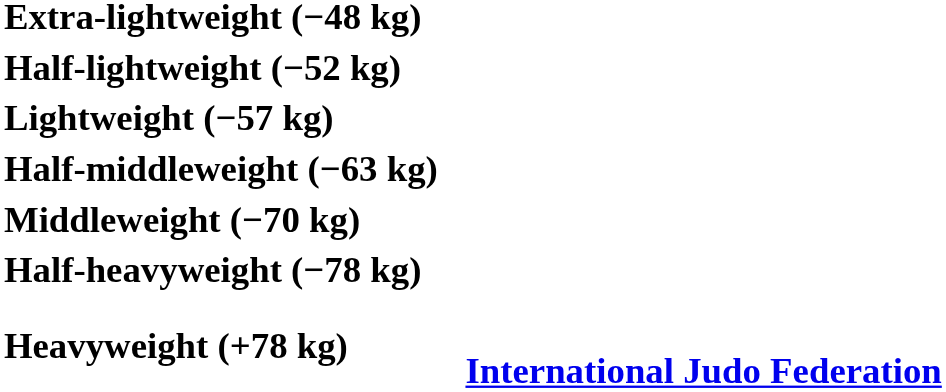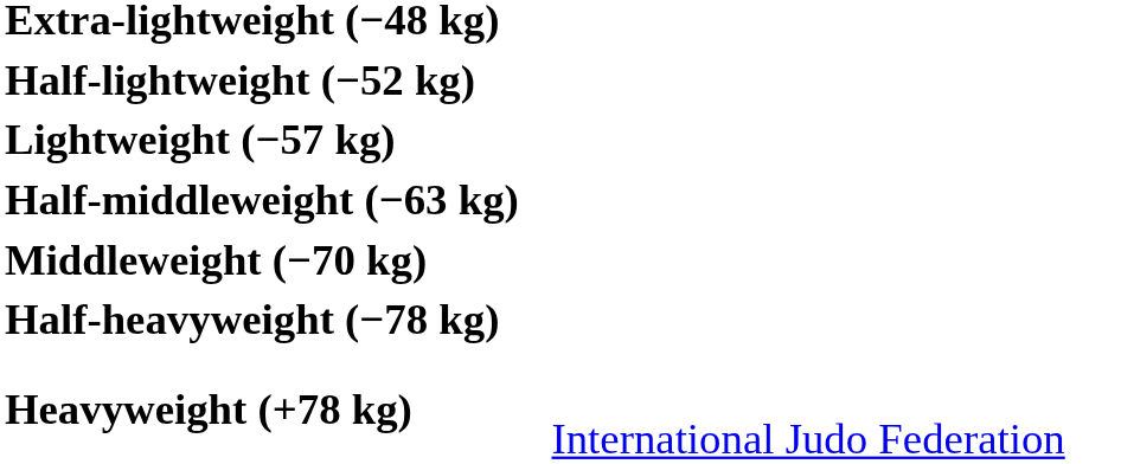 <table>
 <tr>
 <th rowspan=2 style="text-align:left;">Extra-lightweight (−48 kg)<br></th>
 <td rowspan=2></td>
 <td rowspan=2></td>
 <td></td>
 </tr>
 <tr>
 <td></td>
 </tr>
 <tr>
 <th rowspan=2 style="text-align:left;">Half-lightweight (−52 kg)<br></th>
 <td rowspan=2></td>
 <td rowspan=2></td>
 <td></td>
 </tr>
 <tr>
 <td></td>
 </tr>
 <tr>
 <th rowspan=2 style="text-align:left;">Lightweight (−57 kg)<br></th>
 <td rowspan=2></td>
 <td rowspan=2></td>
 <td></td>
 </tr>
 <tr>
 <td></td>
 </tr>
 <tr>
 <th rowspan=2 style="text-align:left;">Half-middleweight (−63 kg)<br></th>
 <td rowspan=2></td>
 <td rowspan=2></td>
 <td></td>
 </tr>
 <tr>
 <td></td>
 </tr>
 <tr>
 <th rowspan=2 style="text-align:left;">Middleweight (−70 kg)<br></th>
 <td rowspan=2></td>
 <td rowspan=2></td>
 <td></td>
 </tr>
 <tr>
 <td></td>
 </tr>
 <tr>
 <th rowspan=2 style="text-align:left;">Half-heavyweight (−78 kg)<br></th>
 <td rowspan=2></td>
 <td rowspan=2></td>
 <td></td>
 </tr>
 <tr>
 <td></td>
 </tr>
 <tr>
 <th rowspan=2 style="text-align:left;">Heavyweight (+78 kg)<br></th>
 <td rowspan=2></td>
 <td rowspan=2></td>
 <td></td>
 </tr>
 <tr>
-<td><strong><br><a href='#'>International Judo Federation</a></strong></td>
+<td><br><a href='#'>International Judo Federation</a></td>
 </tr>
 </table>
